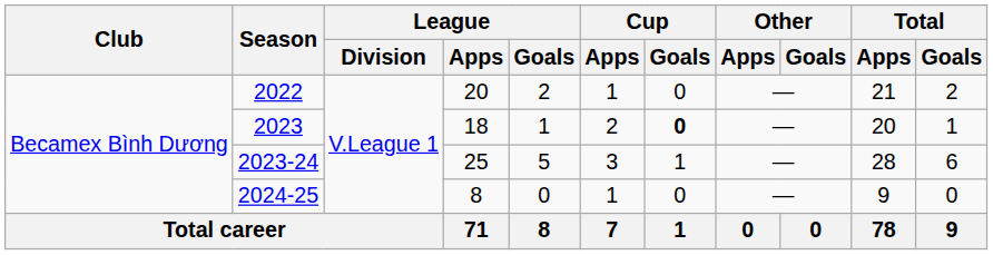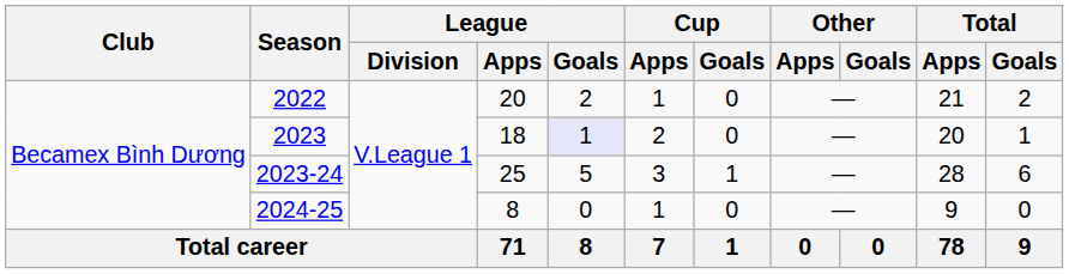 <table class="wikitable" style="text-align:center">
 <tr>
 <th rowspan="2">Club</th>
 <th rowspan="2">Season</th>
 <th colspan="3">League</th>
 <th colspan="2">Cup</th>
 <th colspan="2">Other</th>
 <th colspan="2">Total</th>
 </tr>
 <tr>
 <th>Division</th>
 <th>Apps</th>
 <th>Goals</th>
 <th>Apps</th>
 <th>Goals</th>
 <th>Apps</th>
 <th>Goals</th>
 <th>Apps</th>
 <th>Goals</th>
 </tr>
 <tr>
 <td rowspan=4><a href='#'>Becamex Bình Dương</a></td>
 <td><a href='#'>2022</a></td>
 <td rowspan=4><a href='#'>V.League 1</a></td>
 <td>20</td>
 <td>2</td>
 <td>1</td>
 <td>0</td>
 <td colspan=2>—</td>
 <td>21</td>
 <td>2</td>
 </tr>
 <tr>
 <td><a href='#'>2023</a></td>
 <td>18</td>
-<td>1</td>
+<td style="background: lavender;">1</td>
 <td>2</td>
-<td><strong>0</strong></td>
+<td>0</td>
 <td colspan=2>—</td>
 <td>20</td>
 <td>1</td>
 </tr>
 <tr>
 <td><a href='#'>2023-24</a></td>
 <td>25</td>
 <td>5</td>
 <td>3</td>
 <td>1</td>
 <td colspan=2>—</td>
 <td>28</td>
 <td>6</td>
 </tr>
 <tr>
 <td><a href='#'>2024-25</a></td>
 <td>8</td>
 <td>0</td>
 <td>1</td>
 <td>0</td>
 <td colspan=2>—</td>
 <td>9</td>
 <td>0</td>
 </tr>
 <tr>
 <th colspan=3>Total career</th>
 <th>71</th>
 <th>8</th>
 <th>7</th>
 <th>1</th>
 <th>0</th>
 <th>0</th>
 <th>78</th>
 <th>9</th>
 </tr>
 </table>
